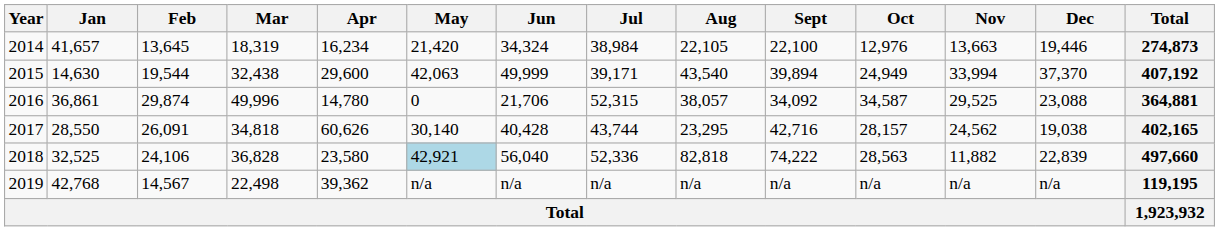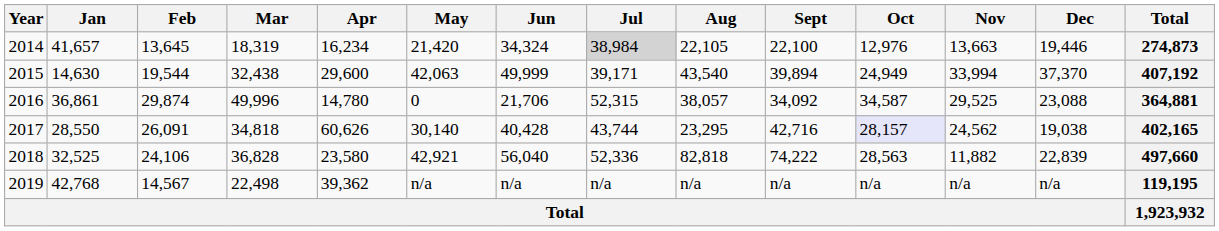 <table class=wikitable>
 <tr>
 <th>Year</th>
 <th style="width:75px;">Jan</th>
 <th style="width:75px;">Feb</th>
 <th style="width:75px;">Mar</th>
 <th style="width:75px;">Apr</th>
 <th style="width:75px;">May</th>
 <th style="width:75px;">Jun</th>
 <th style="width:75px;">Jul</th>
 <th style="width:75px;">Aug</th>
 <th style="width:75px;">Sept</th>
 <th style="width:75px;">Oct</th>
 <th style="width:75px;">Nov</th>
 <th style="width:75px;">Dec</th>
 <th style="width:75px;">Total</th>
 </tr>
 <tr>
 <td>2014</td>
 <td>41,657</td>
 <td>13,645</td>
 <td>18,319</td>
 <td>16,234</td>
 <td>21,420</td>
 <td>34,324</td>
-<td>38,984</td>
+<td style="background: lightgrey;">38,984</td>
 <td>22,105</td>
 <td>22,100</td>
 <td>12,976</td>
 <td>13,663</td>
 <td>19,446</td>
 <th>274,873</th>
 </tr>
 <tr>
 <td>2015</td>
 <td>14,630</td>
 <td>19,544</td>
 <td>32,438</td>
 <td>29,600</td>
 <td>42,063</td>
 <td>49,999</td>
 <td>39,171</td>
 <td>43,540</td>
 <td>39,894</td>
 <td>24,949</td>
 <td>33,994</td>
 <td>37,370</td>
 <th>407,192</th>
 </tr>
 <tr>
 <td>2016</td>
 <td>36,861</td>
 <td>29,874</td>
 <td>49,996</td>
 <td>14,780</td>
 <td>0</td>
 <td>21,706</td>
 <td>52,315</td>
 <td>38,057</td>
 <td>34,092</td>
 <td>34,587</td>
 <td>29,525</td>
 <td>23,088</td>
 <th>364,881</th>
 </tr>
 <tr>
 <td>2017</td>
 <td>28,550</td>
 <td>26,091</td>
 <td>34,818</td>
 <td>60,626</td>
 <td>30,140</td>
 <td>40,428</td>
 <td>43,744</td>
 <td>23,295</td>
 <td>42,716</td>
-<td>28,157</td>
+<td style="background: lavender;">28,157</td>
 <td>24,562</td>
 <td>19,038</td>
 <th>402,165</th>
 </tr>
 <tr>
 <td>2018</td>
 <td>32,525</td>
 <td>24,106</td>
 <td>36,828</td>
 <td>23,580</td>
-<td style="background: lightblue;">42,921</td>
+<td>42,921</td>
 <td>56,040</td>
 <td>52,336</td>
 <td>82,818</td>
 <td>74,222</td>
 <td>28,563</td>
 <td>11,882</td>
 <td>22,839</td>
 <th>497,660</th>
 </tr>
 <tr>
 <td>2019</td>
 <td>42,768</td>
 <td>14,567</td>
 <td>22,498</td>
 <td>39,362</td>
 <td>n/a</td>
 <td>n/a</td>
 <td>n/a</td>
 <td>n/a</td>
 <td>n/a</td>
 <td>n/a</td>
 <td>n/a</td>
 <td>n/a</td>
 <th>119,195</th>
 </tr>
 <tr>
 <th colspan="13">Total</th>
 <th>1,923,932</th>
 </tr>
 </table>
